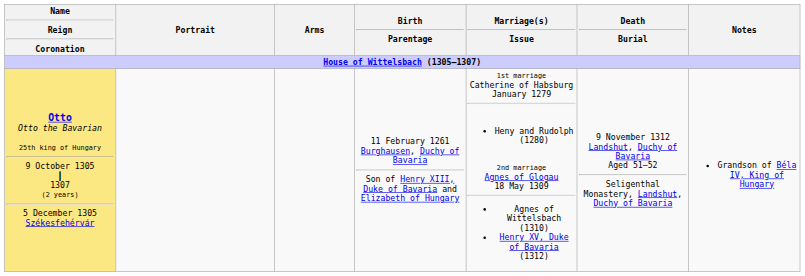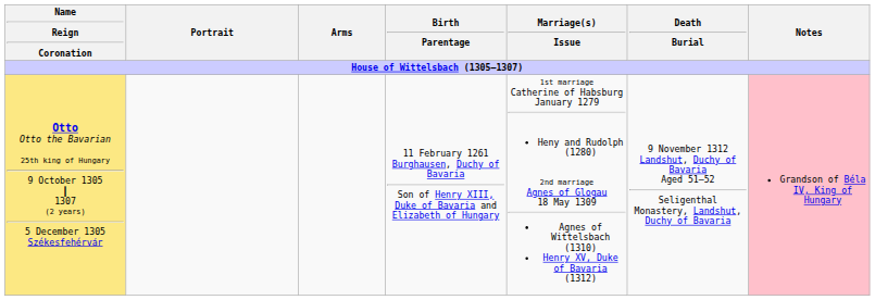 <table style="text-align:Center; width:100%" class="wikitable">
 <tr>
 <th width="14%">Name<hr>Reign<hr>Coronation</th>
 <th width="20%">Portrait</th>
 <th width="10%">Arms</th>
 <th width="14%">Birth<hr>Parentage</th>
 <th width="14%">Marriage(s)<hr>Issue</th>
 <th width="14%">Death<hr>Burial</th>
 <th width="14%">Notes</th>
 </tr>
 <tr>
 <th colspan="7" style="background:#ccccff"><a href='#'>House of Wittelsbach</a> (1305–1307)</th>
 </tr>
 <tr>
 <td style="background:#FCE883"><strong><a href='#'><big>Otto</big></a></strong><br><em>Otto the Bavarian</em><br><small></small><br><small>25th king of Hungary</small><hr>9 October 1305<br>┃<br>1307<br><small>(2 years)</small><hr>5 December 1305<br><a href='#'>Székesfehérvár</a></td>
 <td></td>
 <td></td>
 <td>11 February 1261<br><a href='#'>Burghausen</a>, <a href='#'>Duchy of Bavaria</a><hr>Son of <a href='#'>Henry XIII, Duke of Bavaria</a> and <a href='#'>Elizabeth of Hungary</a></td>
 <td><small>1st marriage</small><br>Catherine of Habsburg<br>January 1279<hr><br><ul><li>Heny and Rudolph (1280)</li></ul><br><small>2nd marriage</small><br><a href='#'>Agnes of Glogau</a><br>18 May 1309<hr><ul><li>Agnes of Wittelsbach (1310)</li><li><a href='#'>Henry XV, Duke of Bavaria</a> (1312)</li></ul></td>
 <td>9 November 1312<br><a href='#'>Landshut</a>, <a href='#'>Duchy of Bavaria</a><br>Aged 51–52<hr>Seligenthal Monastery, <a href='#'>Landshut</a>, <a href='#'>Duchy of Bavaria</a></td>
-<td><br><ul><li>Grandson of <a href='#'>Béla IV, King of Hungary</a></li></ul></td>
+<td style="background: pink;"><br><ul><li>Grandson of <a href='#'>Béla IV, King of Hungary</a></li></ul></td>
 </tr>
 </table>
